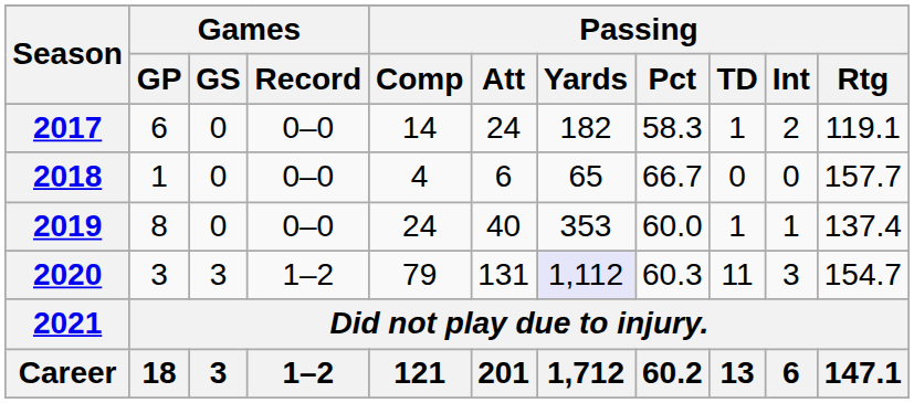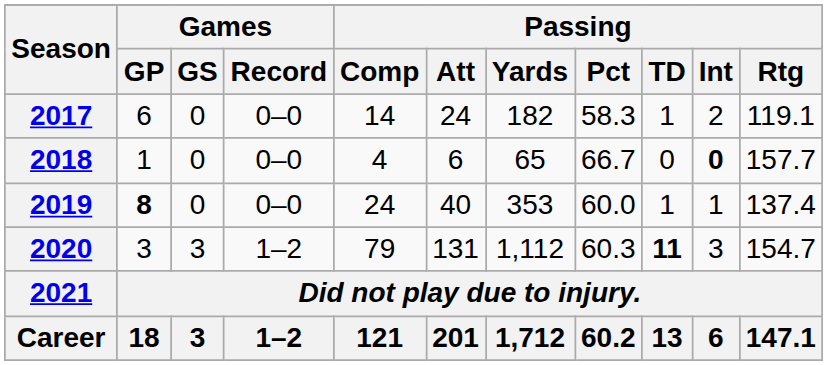 <table class=wikitable style="text-align:center;">
 <tr>
 </tr>
 <tr>
 <th rowspan="2">Season</th>
 <th colspan="3">Games</th>
 <th colspan="7">Passing</th>
 </tr>
 <tr>
 <th>GP</th>
 <th>GS</th>
 <th>Record</th>
 <th>Comp</th>
 <th>Att</th>
 <th>Yards</th>
 <th>Pct</th>
 <th>TD</th>
 <th>Int</th>
 <th>Rtg</th>
 </tr>
 <tr>
 <th><a href='#'>2017</a></th>
 <td>6</td>
 <td>0</td>
 <td>0–0</td>
 <td>14</td>
 <td>24</td>
 <td>182</td>
 <td>58.3</td>
 <td>1</td>
 <td>2</td>
 <td>119.1</td>
 </tr>
 <tr>
 <th><a href='#'>2018</a></th>
 <td>1</td>
 <td>0</td>
 <td>0–0</td>
 <td>4</td>
 <td>6</td>
 <td>65</td>
 <td>66.7</td>
 <td>0</td>
-<td>0</td>
+<td><strong>0</strong></td>
 <td>157.7</td>
 </tr>
 <tr>
 <th><a href='#'>2019</a></th>
-<td>8</td>
+<td><strong>8</strong></td>
 <td>0</td>
 <td>0–0</td>
 <td>24</td>
 <td>40</td>
 <td>353</td>
 <td>60.0</td>
 <td>1</td>
 <td>1</td>
 <td>137.4</td>
 </tr>
 <tr>
 <th><a href='#'>2020</a></th>
 <td>3</td>
 <td>3</td>
 <td>1–2</td>
 <td>79</td>
 <td>131</td>
-<td style="background: lavender;">1,112</td>
+<td>1,112</td>
 <td>60.3</td>
-<td>11</td>
+<td><strong>11</strong></td>
 <td>3</td>
 <td>154.7</td>
 </tr>
 <tr>
 <th><a href='#'>2021</a></th>
 <th colspan="12"><em>Did not play due to injury.</em></th>
 </tr>
 <tr>
 <th>Career</th>
 <th>18</th>
 <th>3</th>
 <th>1–2</th>
 <th>121</th>
 <th>201</th>
 <th>1,712</th>
 <th>60.2</th>
 <th>13</th>
 <th>6</th>
 <th>147.1</th>
 </tr>
 </table>
